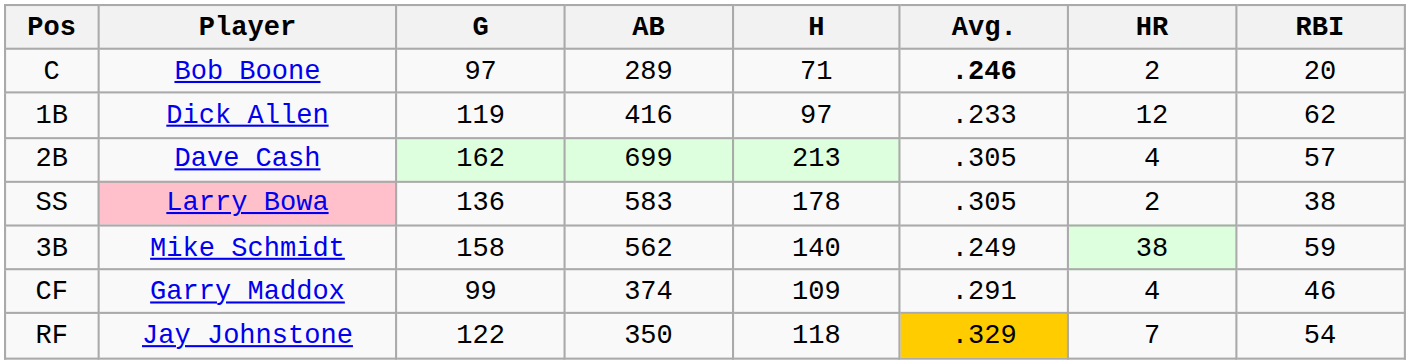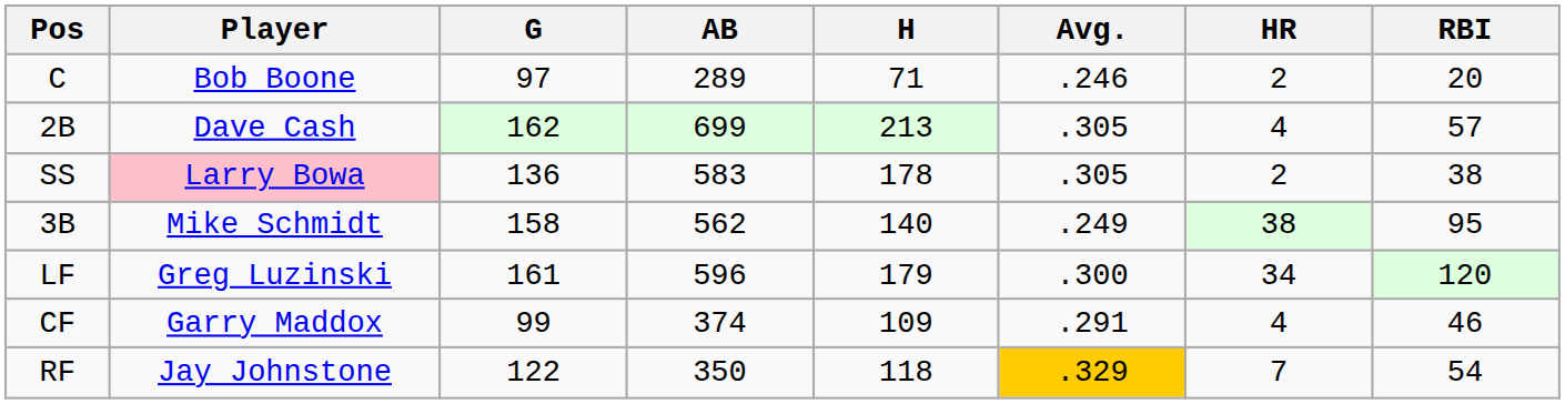 <table class="wikitable sortable">
 <tr>
 <th bgcolor="#DDDDFF" width="5%">Pos</th>
 <th bgcolor="#DDDDFF" width="16%">Player</th>
 <th bgcolor="#DDDDFF" width="9%">G</th>
 <th bgcolor="#DDDDFF" width="9%">AB</th>
 <th bgcolor="#DDDDFF" width="9%">H</th>
 <th bgcolor="#DDDDFF" width="9%">Avg.</th>
 <th bgcolor="#DDDDFF" width="9%">HR</th>
 <th bgcolor="#DDDDFF" width="9%">RBI</th>
 </tr>
 <tr align="center">
 <td>C</td>
 <td><a href='#'>Bob Boone</a></td>
 <td>97</td>
 <td>289</td>
 <td>71</td>
-<td><strong>.246</strong></td>
+<td>.246</td>
 <td>2</td>
 <td>20</td>
-</tr>
-<tr align="center">
-<td>1B</td>
-<td><a href='#'>Dick Allen</a></td>
-<td>119</td>
-<td>416</td>
-<td>97</td>
-<td>.233</td>
-<td>12</td>
-<td>62</td>
 </tr>
 <tr align="center">
 <td>2B</td>
 <td><a href='#'>Dave Cash</a></td>
 <td style="background:#DDFFDD;">162</td>
 <td style="background:#DDFFDD;">699</td>
 <td style="background:#DDFFDD;">213</td>
 <td>.305</td>
 <td>4</td>
 <td>57</td>
 </tr>
 <tr align="center">
 <td>SS</td>
 <td style="background: pink;"><a href='#'>Larry Bowa</a></td>
 <td>136</td>
 <td>583</td>
 <td>178</td>
 <td>.305</td>
 <td>2</td>
 <td>38</td>
 </tr>
 <tr align="center">
 <td>3B</td>
 <td><a href='#'>Mike Schmidt</a></td>
 <td>158</td>
 <td>562</td>
 <td>140</td>
 <td>.249</td>
 <td style="background:#DDFFDD;">38</td>
-<td>59</td>
+<td>95</td>
+</tr>
+<tr align="center">
+<td>LF</td>
+<td><a href='#'>Greg Luzinski</a></td>
+<td>161</td>
+<td>596</td>
+<td>179</td>
+<td>.300</td>
+<td>34</td>
+<td style="background:#DDFFDD;">120</td>
 </tr>
 <tr align="center">
 <td>CF</td>
 <td><a href='#'>Garry Maddox</a></td>
 <td>99</td>
 <td>374</td>
 <td>109</td>
 <td>.291</td>
 <td>4</td>
 <td>46</td>
 </tr>
 <tr align="center">
 <td>RF</td>
 <td><a href='#'>Jay Johnstone</a></td>
 <td>122</td>
 <td>350</td>
 <td>118</td>
 <td style="background:#fc0;">.329</td>
 <td>7</td>
 <td>54</td>
 </tr>
 </table>
